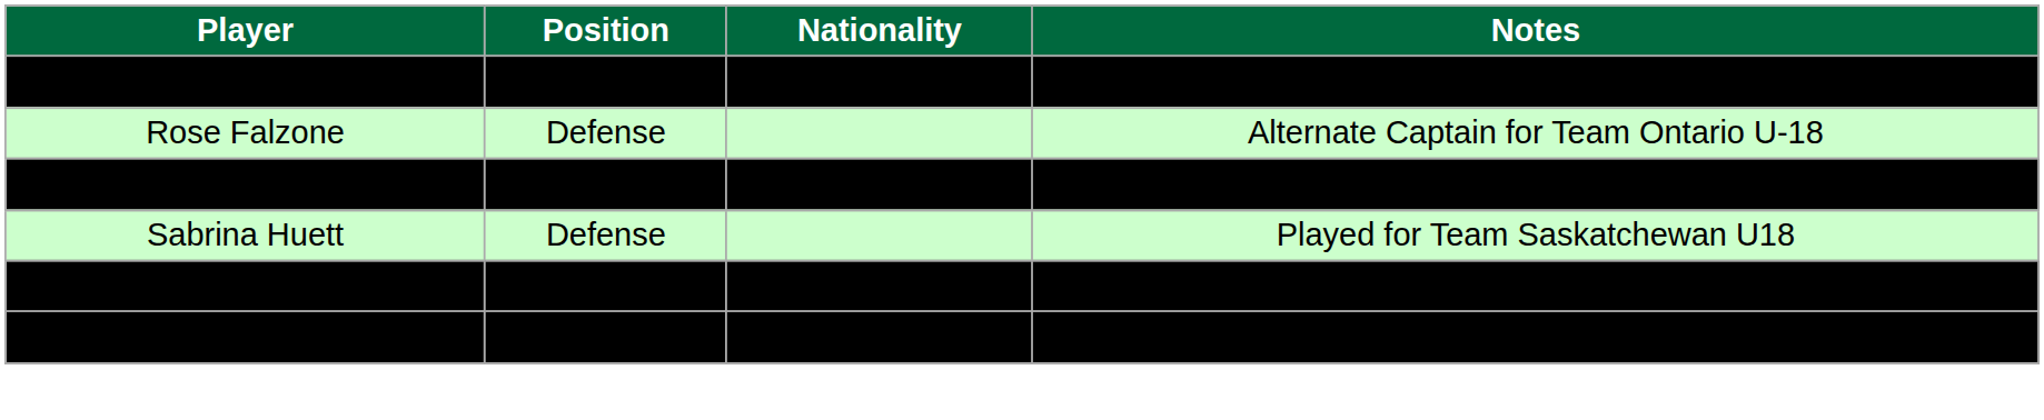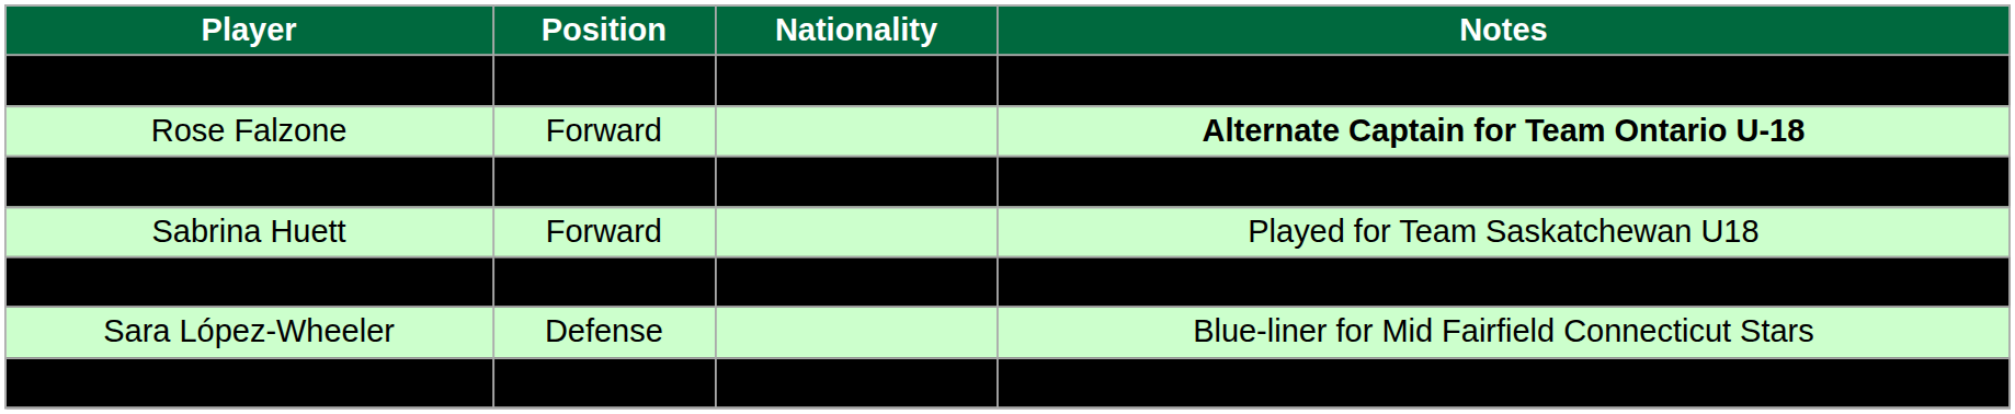 <table class="wikitable" width="80%">
 <tr style="text-align:center; background:#00693e; color:white;">
 <td><strong>Player</strong></td>
 <td><strong>Position</strong></td>
 <td><strong>Nationality</strong></td>
 <td><strong>Notes</strong><br></td>
 </tr>
 <tr align="center" bgcolor=" ">
 <td>Bailee Brekke</td>
 <td>Defense</td>
 <td></td>
 <td>Attended Culver Academies</td>
 </tr>
 <tr align="center" bgcolor="#ccffcc">
 <td>Rose Falzone</td>
-<td>Defense</td>
+<td>Forward</td>
 <td></td>
-<td>Alternate Captain for Team Ontario U-18</td>
+<td><strong>Alternate Captain for Team Ontario U-18</strong></td>
 </tr>
 <tr align="center" bgcolor=" ">
 <td>Sydney Hill</td>
 <td>Defense</td>
 <td></td>
 <td>Attended Choate-Rosemary Hall</td>
 </tr>
 <tr align="center" bgcolor="#ccffcc">
 <td>Sabrina Huett</td>
-<td>Defense</td>
+<td>Forward</td>
 <td></td>
 <td>Played for Team Saskatchewan U18</td>
 </tr>
 <tr align="center" bgcolor=" ">
 <td>Cecilia Lopez</td>
 <td>Forward</td>
 <td></td>
 <td>With Team Manitoba U18</td>
 </tr>
+<tr align="center" bgcolor="#ccffcc">
+<td>Sara López-Wheeler</td>
+<td>Defense</td>
+<td></td>
+<td>Blue-liner for Mid Fairfield Connecticut Stars</td>
+</tr>
 <tr align="center" bgcolor=" ">
 <td>Christina Rombaut</td>
-<td>Defense</td>
+<td>Forward</td>
 <td></td>
 <td>Alternate Captain for Team Atlantic U-18</td>
 </tr>
 <tr align="center" bgcolor=" ">
 </tr>
 </table>
